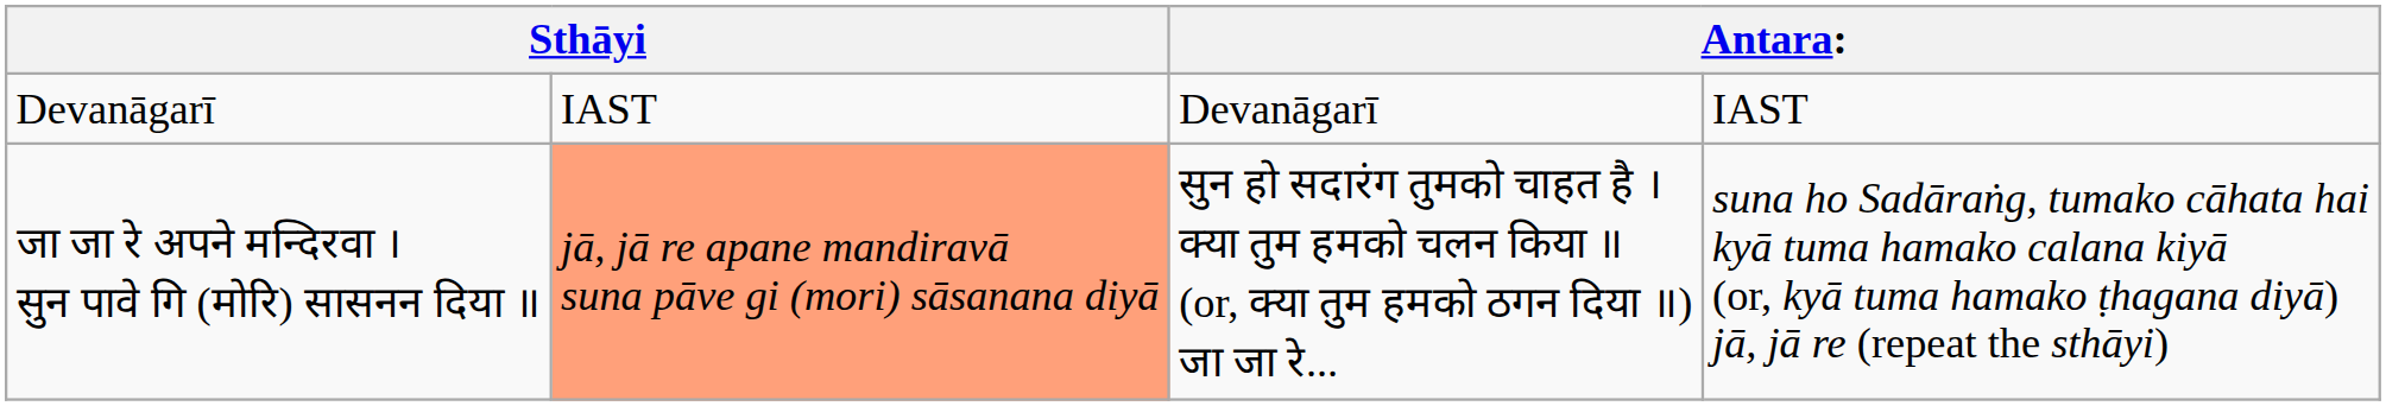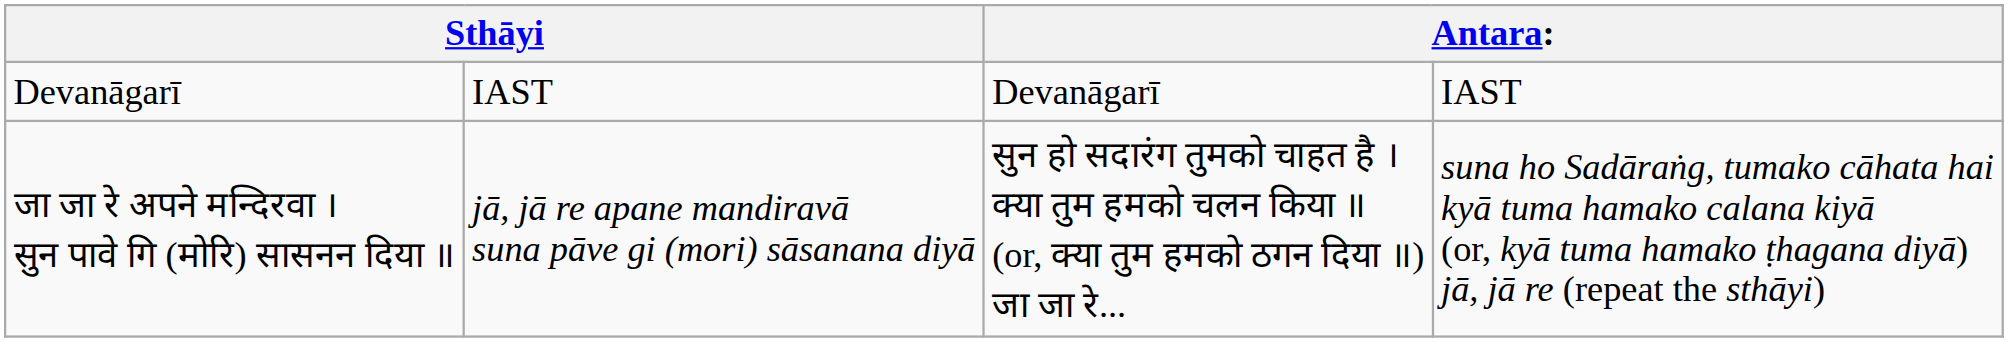 <table class="wikitable">
 <tr>
 <th colspan="2"><a href='#'>Sthāyi</a></th>
 <th colspan="2"><a href='#'>Antara</a>:</th>
 </tr>
 <tr>
 <td>Devanāgarī</td>
 <td>IAST</td>
 <td>Devanāgarī</td>
 <td>IAST</td>
 </tr>
 <tr>
 <td>जा जा रे अपने मन्दिरवा ।<br>सुन पावे गि (मोरि) सासनन दिया ॥</td>
-<td style="background: lightsalmon;"><em>jā, jā re apane mandiravā</em><br><em>suna pāve gi (mori) sāsanana diyā</em></td>
+<td><em>jā, jā re apane mandiravā</em><br><em>suna pāve gi (mori) sāsanana diyā</em></td>
 <td>सुन हो सदारंग तुमको चाहत है ।<br>क्या तुम हमको चलन किया ॥<br>(or, क्या तुम हमको ठगन दिया ॥)<br>जा जा रे...</td>
 <td><em>suna ho Sadāraṅg, tumako cāhata hai</em><br><em>kyā tuma hamako calana kiyā</em><br>(or, <em>kyā tuma hamako ṭhagana diyā</em>)<br><em>jā, jā</em> <em>re</em> (repeat the <em>sthāyi</em>)</td>
 </tr>
 </table>
